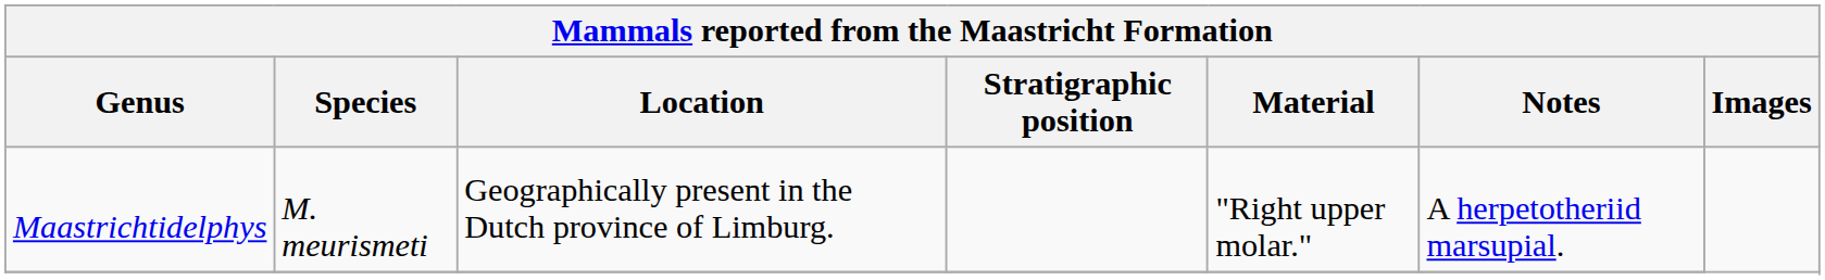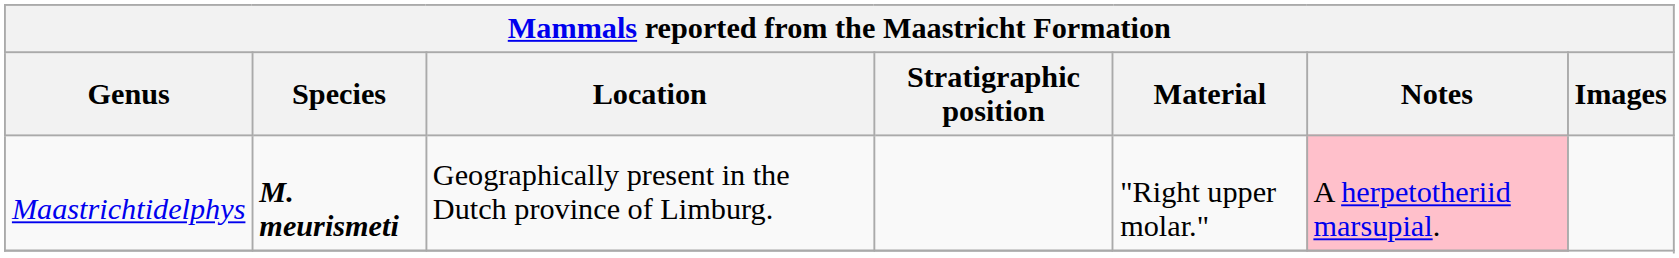 <table class="wikitable" align="center" width="100%">
 <tr>
 <th colspan="7" align="center"><strong><a href='#'>Mammals</a> reported from the Maastricht Formation</strong></th>
 </tr>
 <tr>
 <th>Genus</th>
 <th>Species</th>
 <th>Location</th>
 <th>Stratigraphic position</th>
 <th>Material</th>
 <th>Notes</th>
 <th>Images</th>
 </tr>
 <tr>
 <td><br><em><a href='#'>Maastrichtidelphys</a></em></td>
-<td><br><em>M. meurismeti</em></td>
+<td><strong><br><em>M. meurismeti</em></strong></td>
 <td>Geographically present in the Dutch province of Limburg.</td>
 <td></td>
 <td><br>"Right upper molar."</td>
-<td><br>A <a href='#'>herpetotheriid</a> <a href='#'>marsupial</a>.</td>
+<td style="background: pink;"><br>A <a href='#'>herpetotheriid</a> <a href='#'>marsupial</a>.</td>
 <td rowspan="99"></td>
 </tr>
 <tr>
 </tr>
 </table>
